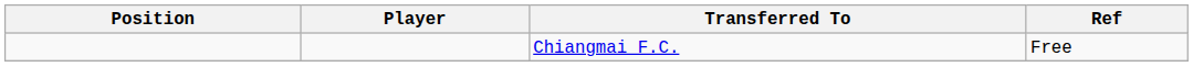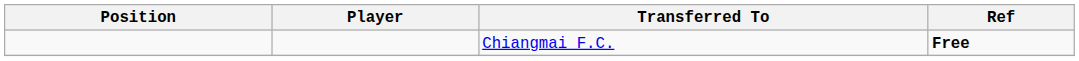 <table class="wikitable sortable" style="width:70%; text-align:center; font-size:100%; text-align:left;">
 <tr>
 <th><strong>Position</strong></th>
 <th><strong>Player</strong></th>
 <th><strong>Transferred To</strong></th>
 <th><strong>Ref</strong></th>
 </tr>
 <tr>
 <td></td>
 <td></td>
 <td> <a href='#'>Chiangmai F.C.</a></td>
-<td>Free </td>
+<td><strong>Free </strong></td>
 </tr>
 <tr>
 </tr>
 </table>
